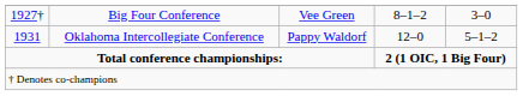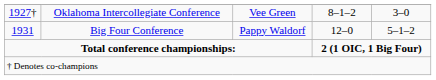 <table class="wikitable" width="70%">
 <tr>
 </tr>
 <tr align="center">
 <td><a href='#'>1927</a>†</td>
-<td><a href='#'>Big Four Conference</a></td>
+<td><a href='#'>Oklahoma Intercollegiate Conference</a></td>
 <td><a href='#'>Vee Green</a></td>
 <td>8–1–2</td>
 <td>3–0</td>
 </tr>
 <tr align="center">
 <td><a href='#'>1931</a></td>
-<td><a href='#'>Oklahoma Intercollegiate Conference</a></td>
+<td><a href='#'>Big Four Conference</a></td>
 <td><a href='#'>Pappy Waldorf</a></td>
 <td>12–0</td>
 <td>5–1–2</td>
 </tr>
 <tr align="center">
 <td colspan=3><strong>Total conference championships:</strong></td>
 <td colspan=2><strong>2 (1 OIC, 1 Big Four)</strong></td>
 </tr>
 <tr>
 <td colspan=7><small>† Denotes co-champions</small></td>
 </tr>
 </table>
